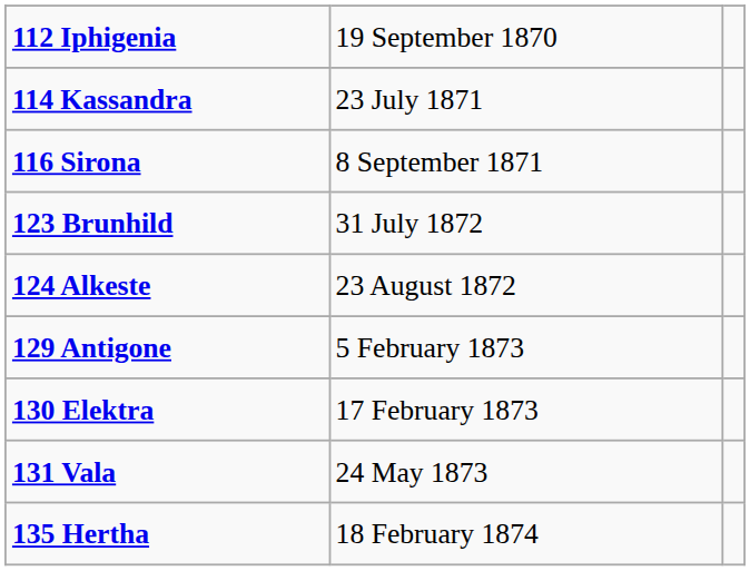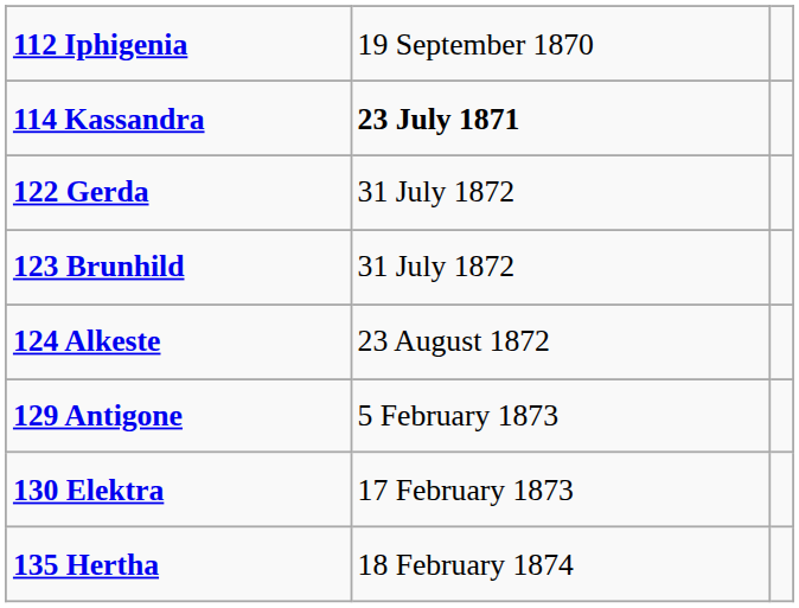 <table class="wikitable" style="font-size: 89%; float: left; width: 26em; margin-right: 1em; height: 280px;">
 <tr>
 <td><strong><a href='#'>112 Iphigenia</a></strong></td>
 <td>19 September 1870</td>
 <td></td>
 </tr>
 <tr>
 <td><strong><a href='#'>114 Kassandra</a></strong></td>
-<td>23 July 1871</td>
+<td><strong>23 July 1871</strong></td>
 <td></td>
 </tr>
 <tr>
-<td><strong><a href='#'>116 Sirona</a></strong></td>
-<td>8 September 1871</td>
+<td><strong><a href='#'>122 Gerda</a></strong></td>
+<td>31 July 1872</td>
 <td></td>
 </tr>
 <tr>
 <td><strong><a href='#'>123 Brunhild</a></strong></td>
 <td>31 July 1872</td>
 <td></td>
 </tr>
 <tr>
 <td><strong><a href='#'>124 Alkeste</a></strong></td>
 <td>23 August 1872</td>
 <td></td>
 </tr>
 <tr>
 <td><strong><a href='#'>129 Antigone</a></strong></td>
 <td>5 February 1873</td>
 <td></td>
 </tr>
 <tr>
 <td><strong><a href='#'>130 Elektra</a></strong></td>
 <td>17 February 1873</td>
 <td></td>
 </tr>
 <tr>
-<td><strong><a href='#'>131 Vala</a></strong></td>
-<td>24 May 1873</td>
-<td></td>
-</tr>
-<tr>
 <td><strong><a href='#'>135 Hertha</a></strong></td>
 <td>18 February 1874</td>
 <td></td>
 </tr>
 </table>
